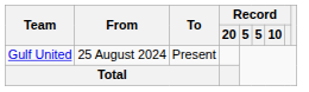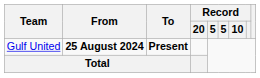 <table class="wikitable" style="text-align: center">
 <tr>
 <th rowspan="2">Team</th>
 <th rowspan="2">From</th>
 <th rowspan="2">To</th>
 <th colspan="5">Record</th>
 <th rowspan="2"></th>
 </tr>
 <tr>
 <th>20</th>
 <th>5</th>
 <th>5</th>
 <th>10</th>
 <th></th>
 </tr>
 <tr>
 <td align="left"><a href='#'>Gulf United</a></td>
-<td align="left">25 August 2024</td>
-<td align="left">Present<br></td>
+<td align="left"><strong>25 August 2024</strong></td>
+<td align="left"><strong>Present<br></strong></td>
 <td></td>
 </tr>
 <tr>
 <th colspan="3">Total<br></th>
 <th></th>
 </tr>
 </table>
